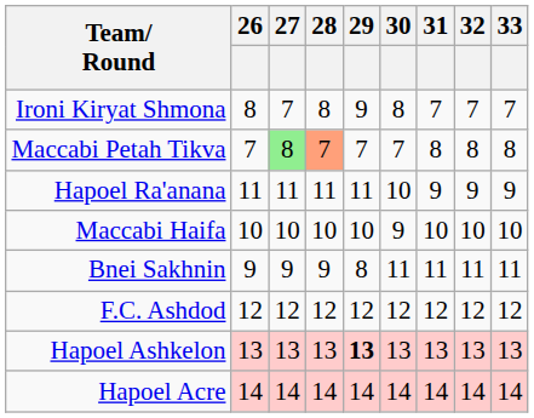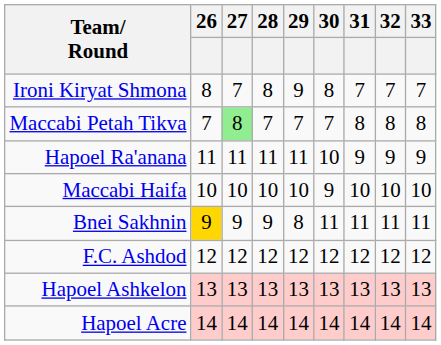 <table class="wikitable sortable" style="text-align: center; font-size: 100%">
 <tr style="background:#EFEFEF">
 <th rowspan=2>Team/<br>Round</th>
 <th>26</th>
 <th>27</th>
 <th>28</th>
 <th>29</th>
 <th>30</th>
 <th>31</th>
 <th>32</th>
 <th>33</th>
 </tr>
 <tr>
 <th height="20"></th>
 <th></th>
 <th></th>
 <th></th>
 <th></th>
 <th></th>
 <th></th>
 <th></th>
 </tr>
 <tr>
 <td align="right"><a href='#'>Ironi Kiryat Shmona</a></td>
 <td>8</td>
 <td>7</td>
 <td>8</td>
 <td>9</td>
 <td>8</td>
 <td>7</td>
 <td>7</td>
 <td>7</td>
 </tr>
 <tr>
 <td align="right"><a href='#'>Maccabi Petah Tikva</a></td>
 <td>7</td>
 <td style="background: lightgreen;">8</td>
-<td style="background: lightsalmon;">7</td>
+<td>7</td>
 <td>7</td>
 <td>7</td>
 <td>8</td>
 <td>8</td>
 <td>8</td>
 </tr>
 <tr>
 <td align="right"><a href='#'>Hapoel Ra'anana</a></td>
 <td>11</td>
 <td>11</td>
 <td>11</td>
 <td>11</td>
 <td>10</td>
 <td>9</td>
 <td>9</td>
 <td>9</td>
 </tr>
 <tr>
 <td align="right"><a href='#'>Maccabi Haifa</a></td>
 <td>10</td>
 <td>10</td>
 <td>10</td>
 <td>10</td>
 <td>9</td>
 <td>10</td>
 <td>10</td>
 <td>10</td>
 </tr>
 <tr>
 <td align="right"><a href='#'>Bnei Sakhnin</a></td>
-<td>9</td>
+<td style="background: gold;">9</td>
 <td>9</td>
 <td>9</td>
 <td>8</td>
 <td>11</td>
 <td>11</td>
 <td>11</td>
 <td>11</td>
 </tr>
 <tr>
 <td align="right"><a href='#'>F.C. Ashdod</a></td>
 <td>12</td>
 <td>12</td>
 <td>12</td>
 <td>12</td>
 <td>12</td>
 <td>12</td>
 <td>12</td>
 <td>12</td>
 </tr>
 <tr>
 <td align="right"><a href='#'>Hapoel Ashkelon</a></td>
 <td bgcolor="FFCCCC">13</td>
 <td bgcolor="FFCCCC">13</td>
 <td bgcolor="FFCCCC">13</td>
-<td bgcolor="FFCCCC"><strong>13</strong></td>
+<td bgcolor="FFCCCC">13</td>
 <td bgcolor="FFCCCC">13</td>
 <td bgcolor="FFCCCC">13</td>
 <td bgcolor="FFCCCC">13</td>
 <td bgcolor="FFCCCC">13</td>
 </tr>
 <tr>
 <td align="right"><a href='#'>Hapoel Acre</a></td>
 <td bgcolor="FFCCCC">14</td>
 <td bgcolor="FFCCCC">14</td>
 <td bgcolor="FFCCCC">14</td>
 <td bgcolor="FFCCCC">14</td>
 <td bgcolor="FFCCCC">14</td>
 <td bgcolor="FFCCCC">14</td>
 <td bgcolor="FFCCCC">14</td>
 <td bgcolor="FFCCCC">14</td>
 </tr>
 </table>
